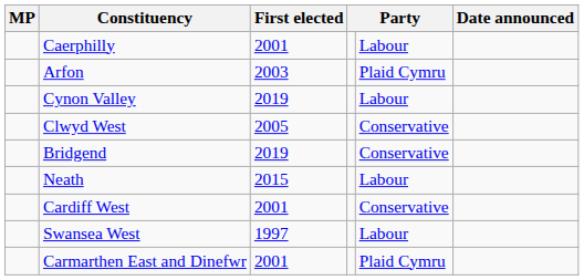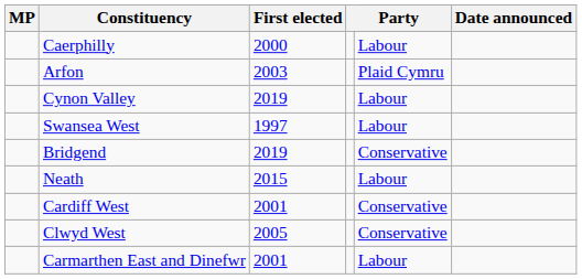 <table class="wikitable sortable">
 <tr>
 <th scope="col">MP</th>
 <th scope="col">Consti­tuency</th>
 <th scope="col">First elected</th>
 <th colspan="2" scope="col">Party</th>
 <th scope="col">Date announced</th>
 </tr>
 <tr>
 <td></td>
 <td><a href='#'>Caerphilly</a></td>
-<td><a href='#'>2001</a></td>
+<td><a href='#'>2000</a></td>
 <td style="color:inherit;background:"></td>
 <td><a href='#'>Labour</a></td>
 <td></td>
 </tr>
 <tr>
 <td></td>
 <td><a href='#'>Arfon</a></td>
 <td><a href='#'>2003</a></td>
 <td style="color:inherit;background:"></td>
 <td><a href='#'>Plaid Cymru</a></td>
 <td></td>
 </tr>
 <tr>
 <td></td>
 <td><a href='#'>Cynon Valley</a></td>
 <td><a href='#'>2019</a></td>
 <td style="color:inherit;background:"></td>
 <td><a href='#'>Labour</a></td>
 <td></td>
 </tr>
 <tr>
 <td></td>
-<td><a href='#'>Clwyd West</a></td>
-<td><a href='#'>2005</a></td>
+<td><a href='#'>Swansea West</a></td>
+<td><a href='#'>1997</a></td>
 <td style="color:inherit;background:"></td>
-<td><a href='#'>Conservative</a></td>
+<td><a href='#'>Labour</a></td>
 <td></td>
 </tr>
 <tr>
 <td></td>
 <td><a href='#'>Bridgend</a></td>
 <td><a href='#'>2019</a></td>
 <td style="color:inherit;background:"></td>
 <td><a href='#'>Conservative</a></td>
 <td></td>
 </tr>
 <tr>
 <td></td>
 <td><a href='#'>Neath</a></td>
 <td><a href='#'>2015</a></td>
 <td style="color:inherit;background:"></td>
 <td><a href='#'>Labour</a></td>
 <td></td>
 </tr>
 <tr>
 <td></td>
 <td><a href='#'>Cardiff West</a></td>
 <td><a href='#'>2001</a></td>
 <td style="color:inherit;background:"></td>
 <td><a href='#'>Conservative</a></td>
 <td></td>
 </tr>
 <tr>
 <td></td>
-<td><a href='#'>Swansea West</a></td>
-<td><a href='#'>1997</a></td>
+<td><a href='#'>Clwyd West</a></td>
+<td><a href='#'>2005</a></td>
 <td style="color:inherit;background:"></td>
-<td><a href='#'>Labour</a></td>
+<td><a href='#'>Conservative</a></td>
 <td></td>
 </tr>
 <tr>
 <td></td>
 <td><a href='#'>Carmarthen East and Dinefwr</a></td>
 <td><a href='#'>2001</a></td>
 <td style="color:inherit;background:"></td>
-<td><a href='#'>Plaid Cymru</a></td>
+<td><a href='#'>Labour</a></td>
 <td></td>
 </tr>
 </table>
